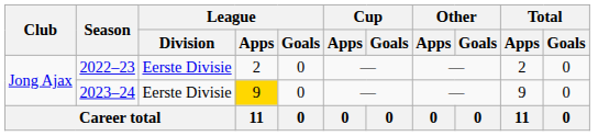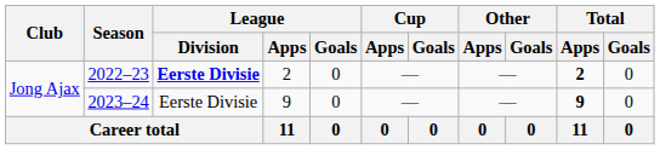 <table class="wikitable" style="text-align: center">
 <tr>
 <th rowspan=2>Club</th>
 <th rowspan=2>Season</th>
 <th colspan=3>League</th>
 <th colspan=2>Cup</th>
 <th colspan=2>Other</th>
 <th colspan=2>Total</th>
 </tr>
 <tr>
 <th>Division</th>
 <th>Apps</th>
 <th>Goals</th>
 <th>Apps</th>
 <th>Goals</th>
 <th>Apps</th>
 <th>Goals</th>
 <th>Apps</th>
 <th>Goals</th>
 </tr>
 <tr>
 <td rowspan="2"><a href='#'>Jong Ajax</a></td>
 <td><a href='#'>2022–23</a></td>
-<td><a href='#'>Eerste Divisie</a></td>
+<td><strong><a href='#'>Eerste Divisie</a></strong></td>
 <td>2</td>
 <td>0</td>
 <td colspan="2">—</td>
 <td colspan="2">—</td>
-<td>2</td>
+<td><strong>2</strong></td>
 <td>0</td>
 </tr>
 <tr>
 <td><a href='#'>2023–24</a></td>
 <td>Eerste Divisie</td>
-<td style="background: gold;">9</td>
+<td>9</td>
 <td>0</td>
 <td colspan="2">—</td>
 <td colspan="2">—</td>
-<td>9</td>
+<td><strong>9</strong></td>
 <td>0</td>
 </tr>
 <tr>
 <th colspan="3">Career total</th>
 <th>11</th>
 <th>0</th>
 <th>0</th>
 <th>0</th>
 <th>0</th>
 <th>0</th>
 <th>11</th>
 <th>0</th>
 </tr>
 </table>
